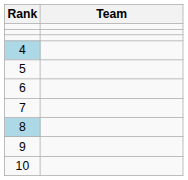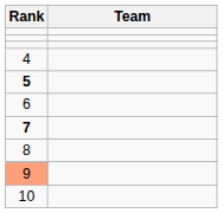 <table class="wikitable" style="text-align:center;">
 <tr>
 <th width=40>Rank</th>
 <th width=180>Team</th>
 </tr>
 <tr>
 <td></td>
 <td align=left></td>
 </tr>
 <tr>
 <td></td>
 <td align=left></td>
 </tr>
 <tr>
 <td></td>
 <td align=left></td>
 </tr>
 <tr>
-<td style="background: lightblue;">4</td>
+<td>4</td>
 <td align=left></td>
 </tr>
 <tr>
-<td>5</td>
+<td><strong>5</strong></td>
 <td align=left></td>
 </tr>
 <tr>
 <td>6</td>
 <td align=left></td>
 </tr>
 <tr>
-<td>7</td>
+<td><strong>7</strong></td>
 <td align=left></td>
 </tr>
 <tr>
-<td style="background: lightblue;">8</td>
+<td>8</td>
 <td align=left></td>
 </tr>
 <tr>
-<td>9</td>
+<td style="background: lightsalmon;">9</td>
 <td align=left></td>
 </tr>
 <tr>
 <td>10</td>
 <td align=left></td>
 </tr>
 </table>
